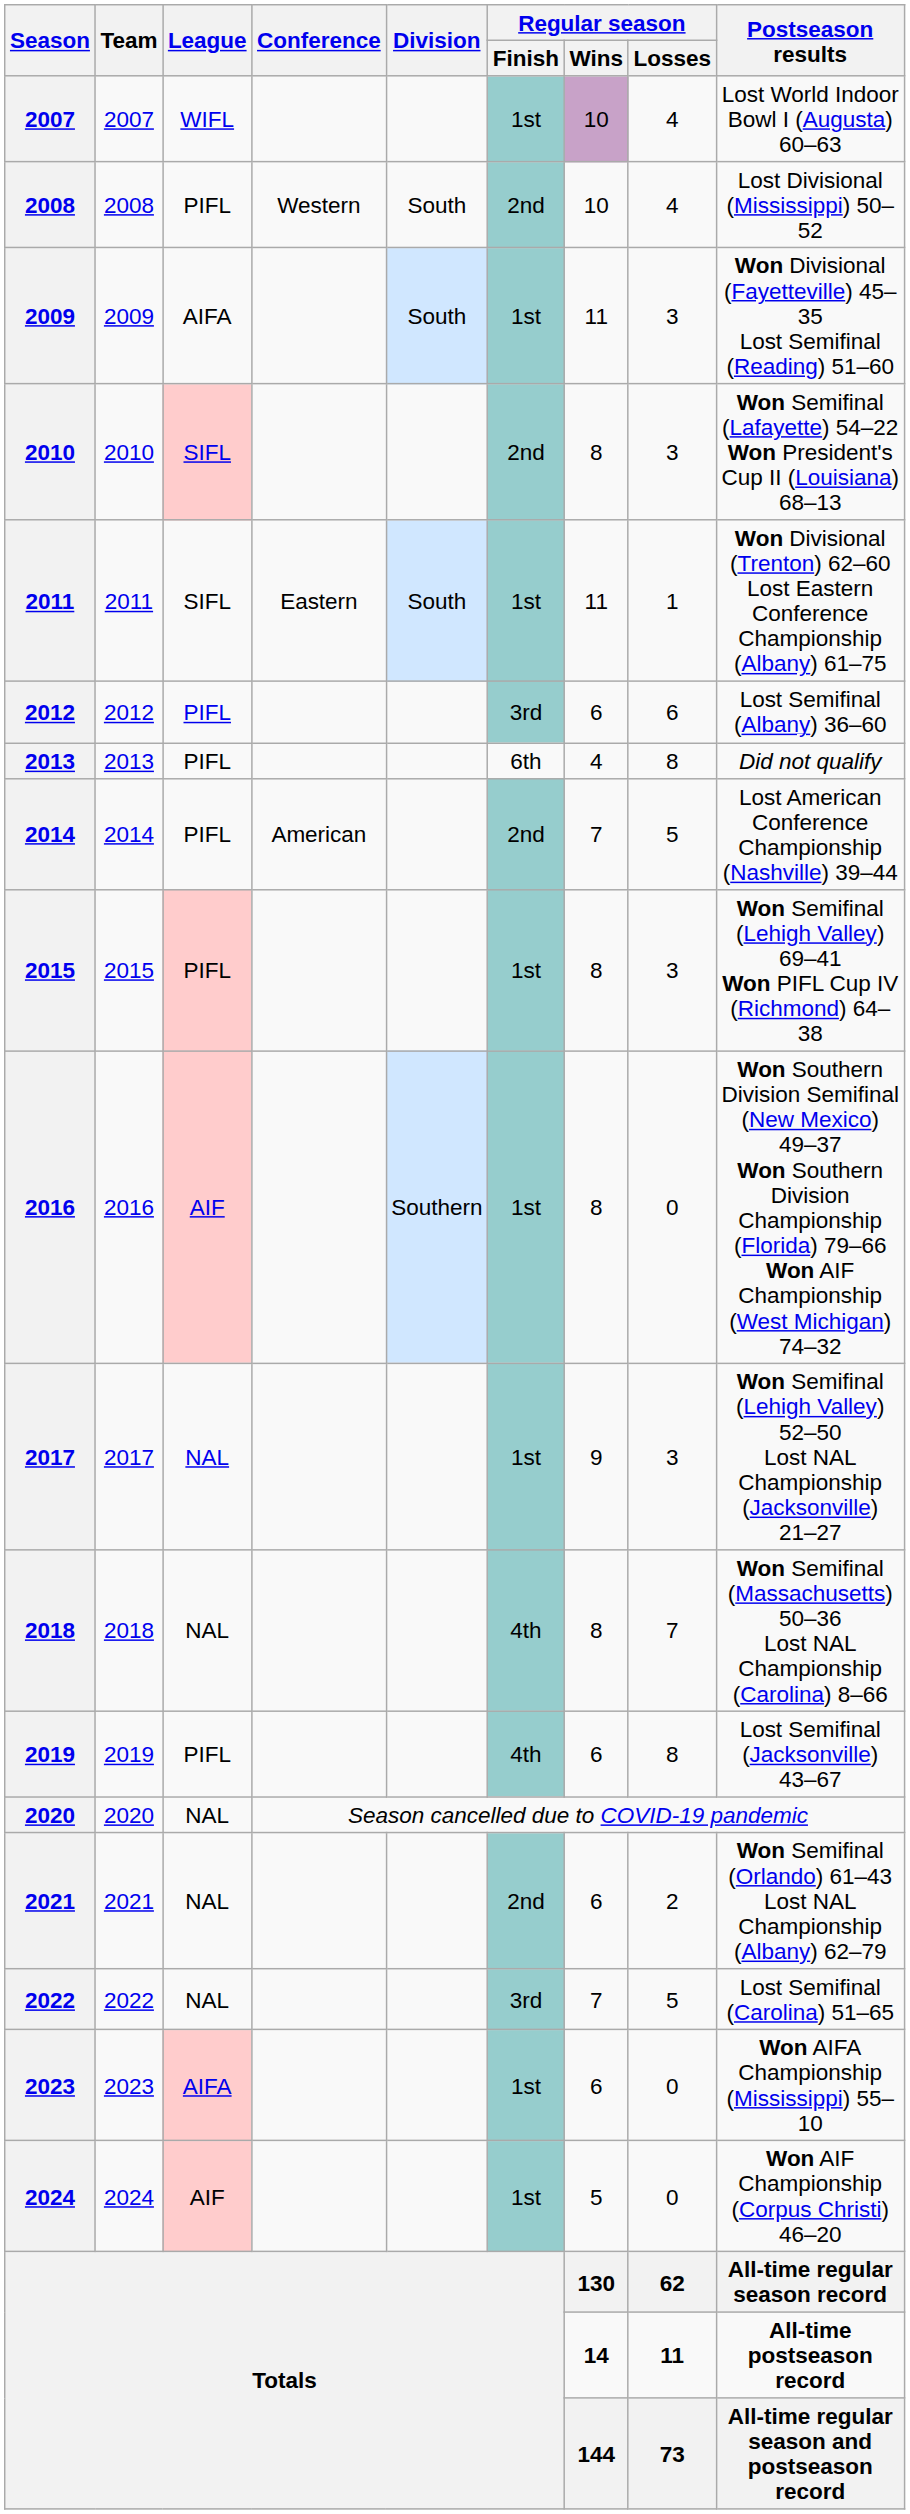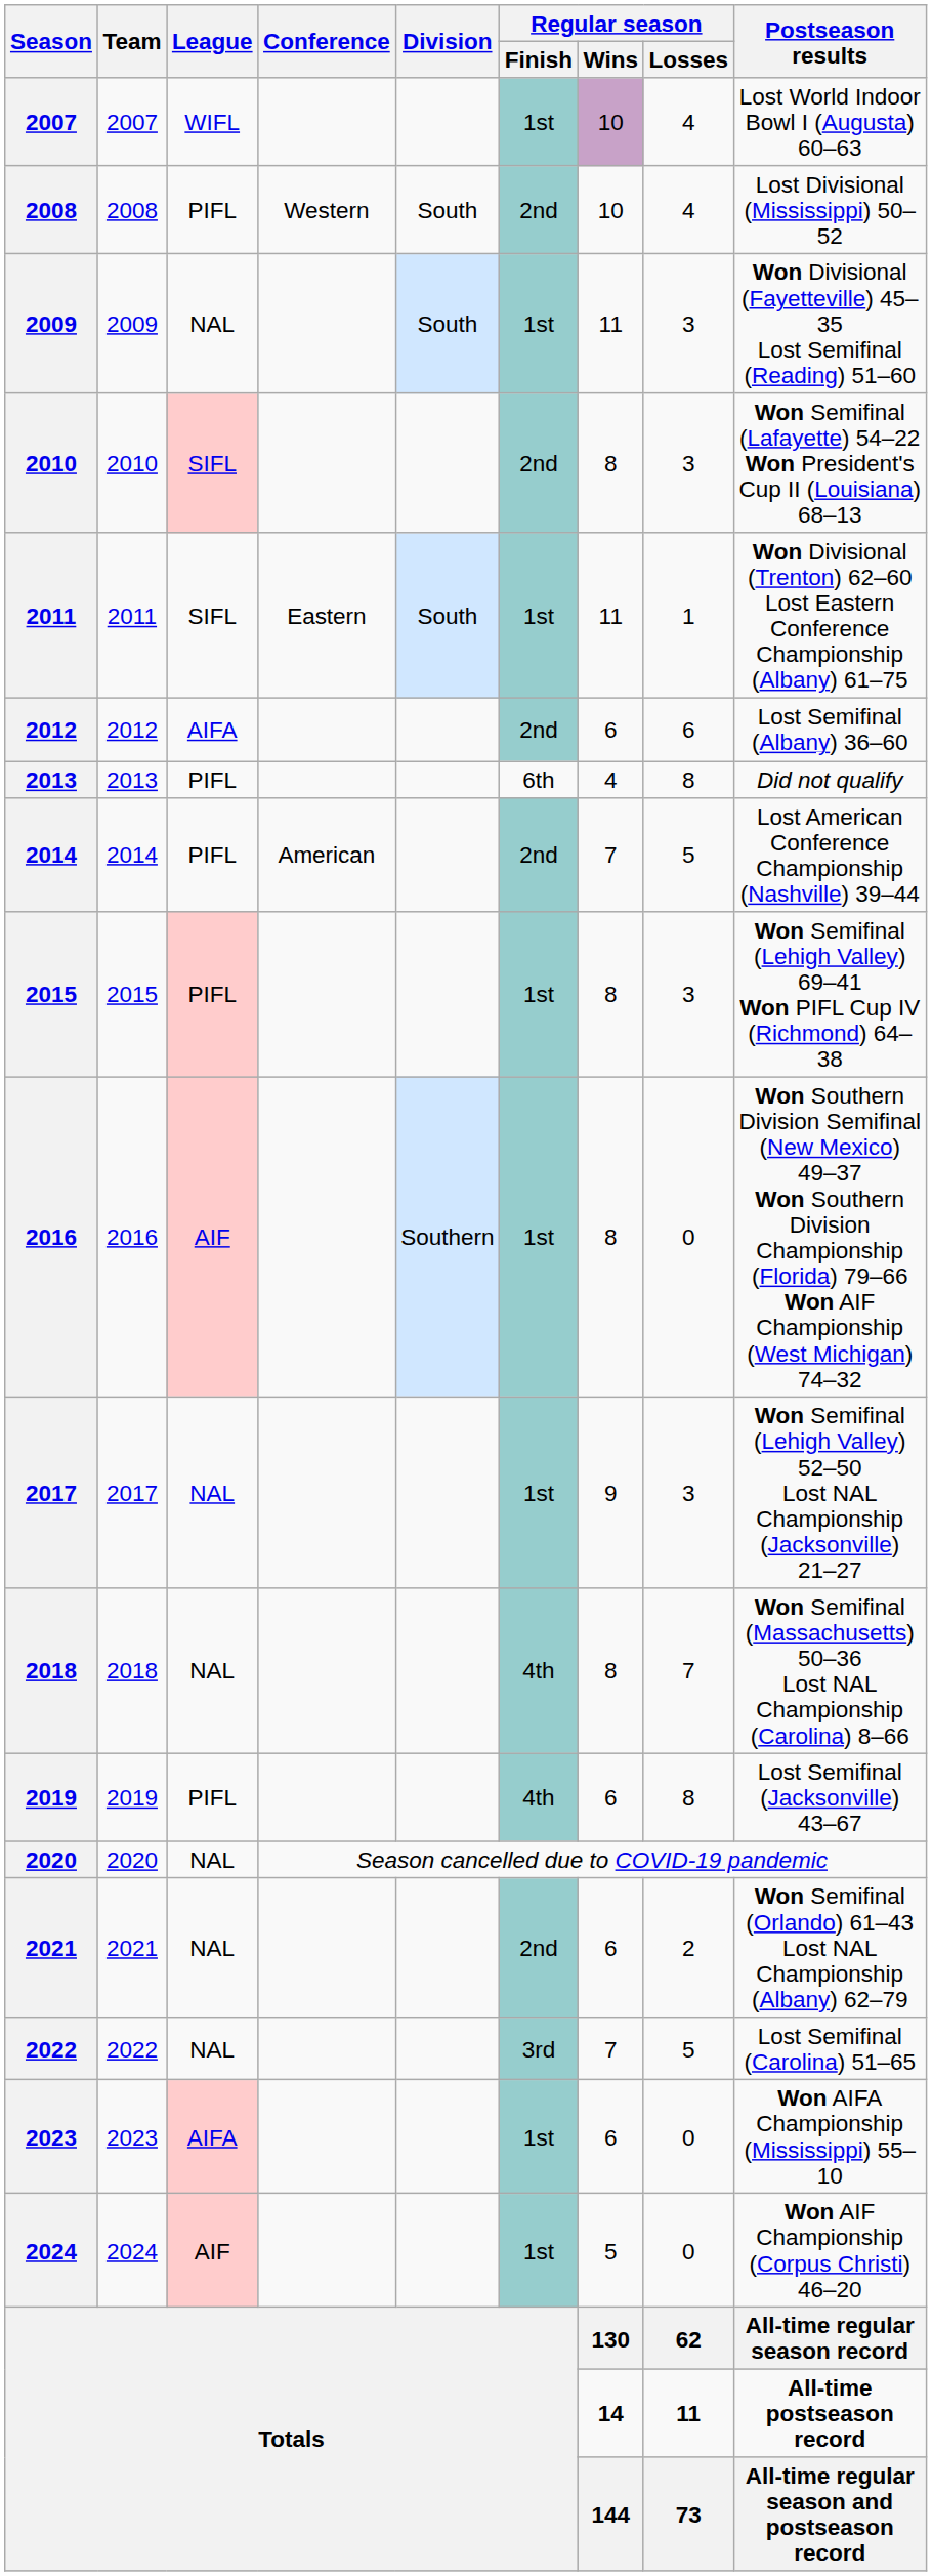 <table class="wikitable" style="text-align:center; font-size: 95%;">
 <tr>
 <th rowspan="2"><a href='#'>Season</a></th>
 <th rowspan="2">Team</th>
 <th rowspan="2"><a href='#'>League</a></th>
 <th rowspan="2"><a href='#'>Conference</a></th>
 <th rowspan="2"><a href='#'>Division</a></th>
 <th colspan="3"><a href='#'>Regular season</a></th>
 <th rowspan="2"><a href='#'>Postseason</a> results</th>
 </tr>
 <tr>
 <th>Finish</th>
 <th>Wins</th>
 <th>Losses</th>
 </tr>
 <tr>
 <th><a href='#'>2007</a></th>
 <td><a href='#'>2007</a></td>
 <td><a href='#'>WIFL</a></td>
 <td></td>
 <td></td>
 <td bgcolor=#96cdcd>1st</td>
 <td bgcolor=#c8a2c8>10</td>
 <td>4</td>
 <td>Lost World Indoor Bowl I (<a href='#'>Augusta</a>) 60–63</td>
 </tr>
 <tr>
 <th><a href='#'>2008</a></th>
 <td><a href='#'>2008</a></td>
 <td>PIFL</td>
 <td>Western</td>
 <td>South</td>
 <td bgcolor=#96cdcd>2nd</td>
 <td>10</td>
 <td>4</td>
 <td>Lost Divisional (<a href='#'>Mississippi</a>) 50–52</td>
 </tr>
 <tr>
 <th><a href='#'>2009</a></th>
 <td><a href='#'>2009</a></td>
-<td>AIFA</td>
+<td>NAL</td>
 <td></td>
 <td bgcolor=#d0e7ff>South</td>
 <td bgcolor=#96cdcd>1st</td>
 <td>11</td>
 <td>3</td>
 <td><strong>Won</strong> Divisional (<a href='#'>Fayetteville</a>) 45–35<br> Lost Semifinal (<a href='#'>Reading</a>) 51–60</td>
 </tr>
 <tr>
 <th><a href='#'>2010</a></th>
 <td><a href='#'>2010</a></td>
 <td bgcolor=#fcc><a href='#'>SIFL</a></td>
 <td></td>
 <td></td>
 <td bgcolor=#96cdcd>2nd</td>
 <td>8</td>
 <td>3</td>
 <td><strong>Won</strong> Semifinal (<a href='#'>Lafayette</a>) 54–22<br> <strong>Won</strong> President's Cup II (<a href='#'>Louisiana</a>) 68–13</td>
 </tr>
 <tr>
 <th><a href='#'>2011</a></th>
 <td><a href='#'>2011</a></td>
 <td>SIFL</td>
 <td>Eastern</td>
 <td bgcolor=#d0e7ff>South</td>
 <td bgcolor=#96cdcd>1st</td>
 <td>11</td>
 <td>1</td>
 <td><strong>Won</strong> Divisional (<a href='#'>Trenton</a>) 62–60<br> Lost Eastern Conference Championship (<a href='#'>Albany</a>) 61–75</td>
 </tr>
 <tr>
 <th><a href='#'>2012</a></th>
 <td><a href='#'>2012</a></td>
-<td><a href='#'>PIFL</a></td>
+<td><a href='#'>AIFA</a></td>
 <td></td>
 <td></td>
-<td bgcolor=#96cdcd>3rd</td>
+<td bgcolor=#96cdcd>2nd</td>
 <td>6</td>
 <td>6</td>
 <td>Lost Semifinal (<a href='#'>Albany</a>) 36–60</td>
 </tr>
 <tr>
 <th><a href='#'>2013</a></th>
 <td><a href='#'>2013</a></td>
 <td>PIFL</td>
 <td></td>
 <td></td>
 <td>6th</td>
 <td>4</td>
 <td>8</td>
 <td><em>Did not qualify</em></td>
 </tr>
 <tr>
 <th><a href='#'>2014</a></th>
 <td><a href='#'>2014</a></td>
 <td>PIFL</td>
 <td>American</td>
 <td></td>
 <td bgcolor=#96cdcd>2nd</td>
 <td>7</td>
 <td>5</td>
 <td>Lost American Conference Championship (<a href='#'>Nashville</a>) 39–44</td>
 </tr>
 <tr>
 <th><a href='#'>2015</a></th>
 <td><a href='#'>2015</a></td>
 <td bgcolor=#fcc>PIFL</td>
 <td></td>
 <td></td>
 <td bgcolor=#96cdcd>1st</td>
 <td>8</td>
 <td>3</td>
 <td><strong>Won</strong> Semifinal (<a href='#'>Lehigh Valley</a>) 69–41<br> <strong>Won</strong> PIFL Cup IV (<a href='#'>Richmond</a>) 64–38</td>
 </tr>
 <tr>
 <th><a href='#'>2016</a></th>
 <td><a href='#'>2016</a></td>
 <td bgcolor=#fcc><a href='#'>AIF</a></td>
 <td></td>
 <td bgcolor=#d0e7ff>Southern</td>
 <td bgcolor=#96cdcd>1st</td>
 <td>8</td>
 <td>0</td>
 <td><strong>Won</strong> Southern Division Semifinal (<a href='#'>New Mexico</a>) 49–37<br> <strong>Won</strong> Southern Division Championship (<a href='#'>Florida</a>) 79–66<br> <strong>Won</strong> AIF Championship (<a href='#'>West Michigan</a>) 74–32</td>
 </tr>
 <tr>
 <th><a href='#'>2017</a></th>
 <td><a href='#'>2017</a></td>
 <td><a href='#'>NAL</a></td>
 <td></td>
 <td></td>
 <td bgcolor=#96cdcd>1st</td>
 <td>9</td>
 <td>3</td>
 <td><strong>Won</strong> Semifinal (<a href='#'>Lehigh Valley</a>) 52–50<br> Lost NAL Championship (<a href='#'>Jacksonville</a>) 21–27</td>
 </tr>
 <tr>
 <th><a href='#'>2018</a></th>
 <td><a href='#'>2018</a></td>
 <td>NAL</td>
 <td></td>
 <td></td>
 <td bgcolor=#96cdcd>4th</td>
 <td>8</td>
 <td>7</td>
 <td><strong>Won</strong> Semifinal (<a href='#'>Massachusetts</a>) 50–36<br> Lost NAL Championship (<a href='#'>Carolina</a>) 8–66</td>
 </tr>
 <tr>
 <th><a href='#'>2019</a></th>
 <td><a href='#'>2019</a></td>
 <td>PIFL</td>
 <td></td>
 <td></td>
 <td bgcolor=#96cdcd>4th</td>
 <td>6</td>
 <td>8</td>
 <td>Lost Semifinal (<a href='#'>Jacksonville</a>) 43–67</td>
 </tr>
 <tr>
 <th><a href='#'>2020</a></th>
 <td><a href='#'>2020</a></td>
 <td>NAL</td>
 <td colspan="6"><em>Season cancelled due to <a href='#'>COVID-19 pandemic</a></em></td>
 </tr>
 <tr>
 <th><a href='#'>2021</a></th>
 <td><a href='#'>2021</a></td>
 <td>NAL</td>
 <td></td>
 <td></td>
 <td bgcolor=#96cdcd>2nd</td>
 <td>6</td>
 <td>2</td>
 <td><strong>Won</strong> Semifinal (<a href='#'>Orlando</a>) 61–43<br> Lost NAL Championship (<a href='#'>Albany</a>) 62–79</td>
 </tr>
 <tr>
 <th><a href='#'>2022</a></th>
 <td><a href='#'>2022</a></td>
 <td>NAL</td>
 <td></td>
 <td></td>
 <td bgcolor=#96cdcd>3rd</td>
 <td>7</td>
 <td>5</td>
 <td>Lost Semifinal (<a href='#'>Carolina</a>) 51–65</td>
 </tr>
 <tr>
 <th><a href='#'>2023</a></th>
 <td><a href='#'>2023</a></td>
 <td bgcolor=#fcc><a href='#'>AIFA</a></td>
 <td></td>
 <td></td>
 <td bgcolor=#96cdcd>1st</td>
 <td>6</td>
 <td>0</td>
 <td><strong>Won</strong> AIFA Championship (<a href='#'>Mississippi</a>) 55–10</td>
 </tr>
 <tr>
 <th><a href='#'>2024</a></th>
 <td><a href='#'>2024</a></td>
 <td bgcolor=#fcc>AIF</td>
 <td></td>
 <td></td>
 <td bgcolor=#96cdcd>1st</td>
 <td>5</td>
 <td>0</td>
 <td><strong>Won</strong> AIF Championship (<a href='#'>Corpus Christi</a>) 46–20</td>
 </tr>
 <tr>
 <th rowspan="3" colspan="6">Totals</th>
 <th>130</th>
 <th>62</th>
 <th>All-time regular season record</th>
 </tr>
 <tr>
 <td><strong>14</strong></td>
 <td><strong>11</strong></td>
 <td><strong>All-time postseason record</strong></td>
 </tr>
 <tr>
 <th>144</th>
 <th>73</th>
 <th>All-time regular season and  postseason record</th>
 </tr>
 </table>
